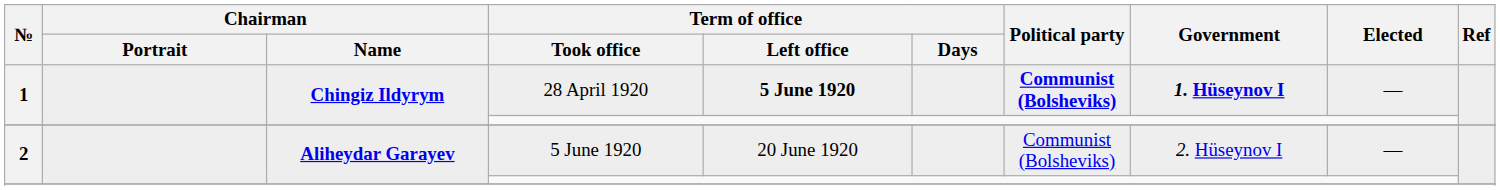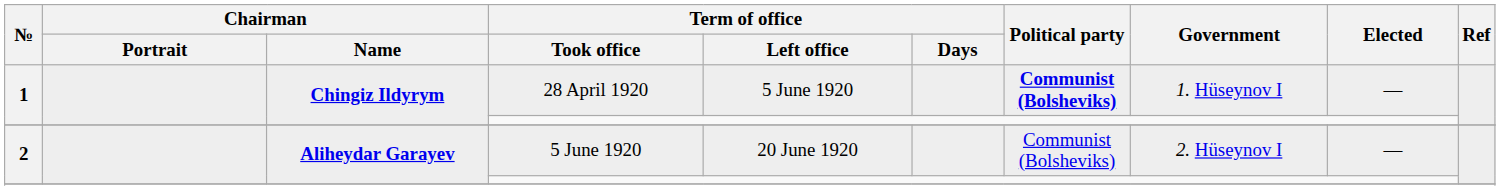 <table class="wikitable"  style="text-align:center"  width="100%">
 <tr>
 <th rowspan=2 style="width:25px;">№</th>
 <th colspan=2 style="width:280px;">Chairman</th>
 <th colspan=3>Term of office</th>
 <th style="width:100px;" rowspan="2">Political party</th>
 <th style="width:160px;" rowspan="2">Government</th>
 <th rowspan=2>Elected</th>
 <th rowspan=2 style="width:20px;">Ref</th>
 </tr>
 <tr>
 <th>Portrait</th>
 <th width=180px>Name</th>
 <th>Took office</th>
 <th>Left office</th>
 <th>Days</th>
 </tr>
 <tr bgcolor=#EEEEEE>
 <th rowspan=2 style="background:">1</th>
 <td rowspan=2></td>
 <td rowspan=2><strong><a href='#'>Chingiz Ildyrym</a></strong><br></td>
 <td>28 April 1920</td>
-<td><strong>5 June 1920</strong></td>
+<td>5 June 1920</td>
 <td></td>
 <td style="background:"><strong><a href='#'><span>Communist <br> (Bolsheviks)</span></a></strong></td>
-<td><strong><em>1.</em> <a href='#'>Hüseynov I</a></strong></td>
+<td><em>1.</em> <a href='#'>Hüseynov I</a></td>
 <td>—</td>
 <td rowspan=2></td>
 </tr>
 <tr>
 <td colspan=6 align=left></td>
 </tr>
 <tr bgcolor=#EEEEEE>
 </tr>
 <tr>
 </tr>
 <tr bgcolor=#EEEEEE>
 <th rowspan=2 style="background:">2</th>
 <td rowspan=2></td>
 <td rowspan=2><strong><a href='#'>Aliheydar Garayev</a></strong><br></td>
 <td>5 June 1920</td>
 <td>20 June 1920</td>
 <td></td>
 <td style="background:"><a href='#'><span>Communist <br> (Bolsheviks)</span></a></td>
 <td><em>2.</em> <a href='#'>Hüseynov I</a></td>
 <td>—</td>
 <td rowspan=2></td>
 </tr>
 <tr>
 <td colspan=6 align=left></td>
 </tr>
 <tr bgcolor=#EEEEEE>
 </tr>
 <tr>
 </tr>
 </table>
